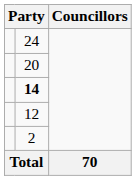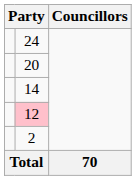 <table class="wikitable">
 <tr>
 <th colspan=2>Party</th>
 <th>Councillors</th>
 </tr>
 <tr>
 <td></td>
 <td align=center>24</td>
 </tr>
 <tr>
 <td></td>
 <td align=center>20</td>
 </tr>
 <tr>
 <td></td>
-<td align=center><strong>14</strong></td>
+<td align=center>14</td>
 </tr>
 <tr>
 <td></td>
-<td align=center>12</td>
+<td align=center style="background: pink;">12</td>
 </tr>
 <tr>
 <td></td>
 <td align=center>2</td>
 </tr>
 <tr>
 <th colspan=2>Total</th>
 <th align=center>70</th>
 </tr>
 </table>
